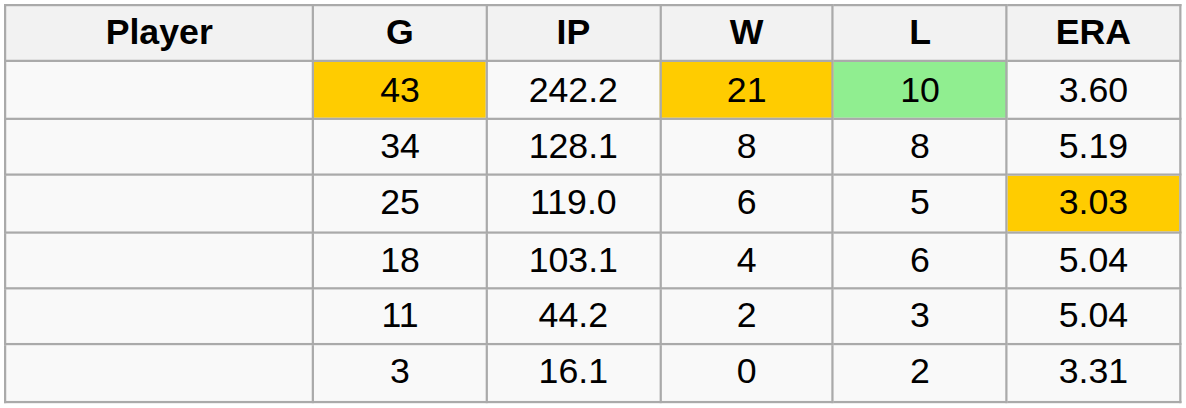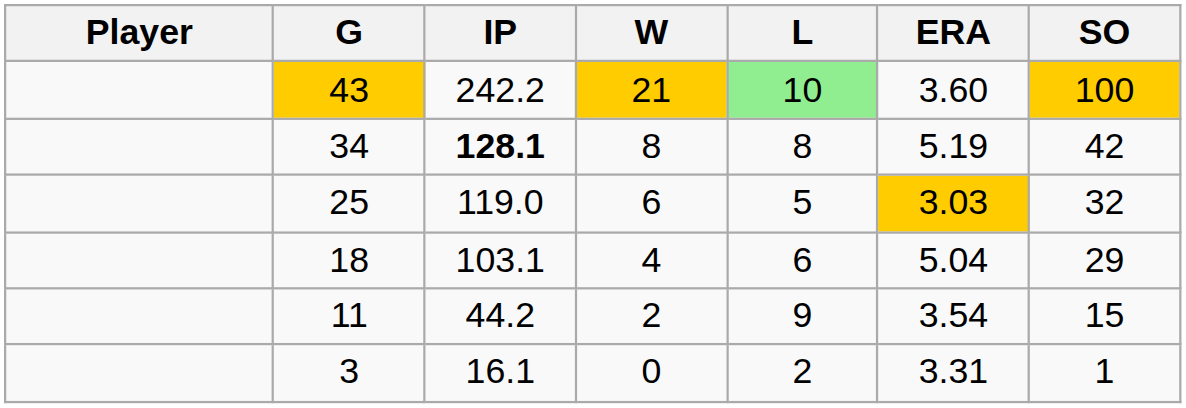 <table class="wikitable sortable">
 <tr>
 <th bgcolor="#DDDDFF" width="16%">Player</th>
 <th bgcolor="#DDDDFF" width="9%">G</th>
 <th bgcolor="#DDDDFF" width="9%">IP</th>
 <th bgcolor="#DDDDFF" width="9%">W</th>
 <th bgcolor="#DDDDFF" width="9%">L</th>
 <th bgcolor="#DDDDFF" width="9%">ERA</th>
+<th bgcolor="#DDDDFF" width="9%">SO</th>
 </tr>
 <tr align="center">
 <td></td>
 <td style="background:#fc0;">43</td>
 <td>242.2</td>
 <td style="background:#fc0;">21</td>
 <td style="background: lightgreen;">10</td>
 <td>3.60</td>
+<td style="background:#fc0;">100</td>
 </tr>
 <tr align="center">
 <td></td>
 <td>34</td>
-<td>128.1</td>
+<td><strong>128.1</strong></td>
 <td>8</td>
 <td>8</td>
 <td>5.19</td>
+<td>42</td>
 </tr>
 <tr align="center">
 <td></td>
 <td>25</td>
 <td>119.0</td>
 <td>6</td>
 <td>5</td>
 <td style="background:#fc0;">3.03</td>
+<td>32</td>
 </tr>
 <tr align="center">
 <td></td>
 <td>18</td>
 <td>103.1</td>
 <td>4</td>
 <td>6</td>
 <td>5.04</td>
+<td>29</td>
 </tr>
 <tr align="center">
 <td></td>
 <td>11</td>
 <td>44.2</td>
 <td>2</td>
-<td>3</td>
-<td>5.04</td>
+<td>9</td>
+<td>3.54</td>
+<td>15</td>
 </tr>
 <tr align="center">
 <td></td>
 <td>3</td>
 <td>16.1</td>
 <td>0</td>
 <td>2</td>
 <td>3.31</td>
+<td>1</td>
 </tr>
 </table>
